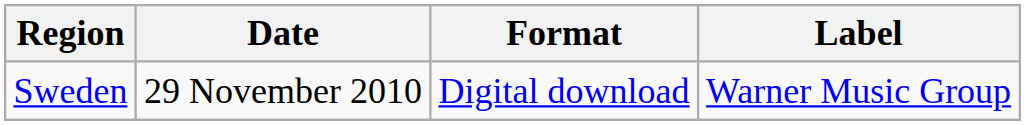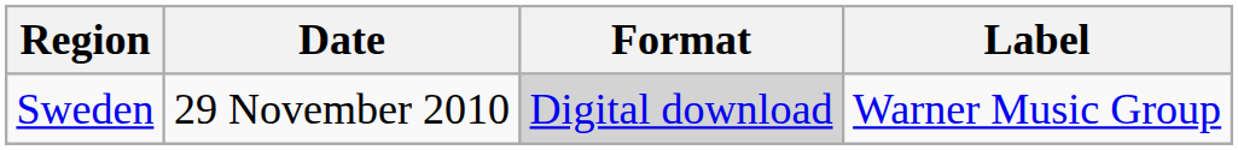 <table class=wikitable>
 <tr>
 <th>Region</th>
 <th>Date</th>
 <th>Format</th>
 <th>Label</th>
 </tr>
 <tr>
 <td><a href='#'>Sweden</a></td>
 <td>29 November 2010</td>
-<td><a href='#'>Digital download</a></td>
+<td style="background: lightgrey;"><a href='#'>Digital download</a></td>
 <td><a href='#'>Warner Music Group</a></td>
 </tr>
 <tr>
 </tr>
 </table>
